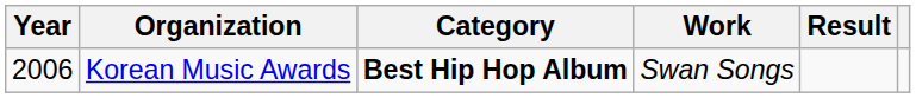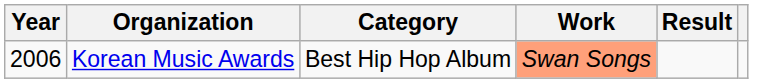 <table class="wikitable plainrowheaders">
 <tr>
 <th scope="col">Year</th>
 <th scope="col">Organization</th>
 <th scope="col">Category</th>
 <th scope="col">Work</th>
 <th scope="col">Result</th>
 <th class="unsortable"></th>
 </tr>
 <tr>
 <td rowspan="2">2006</td>
 <td rowspan="2"><a href='#'>Korean Music Awards</a></td>
-<td><strong>Best Hip Hop Album</strong></td>
-<td><em>Swan Songs</em></td>
+<td>Best Hip Hop Album</td>
+<td style="background: lightsalmon;"><em>Swan Songs</em></td>
 <td></td>
 <td style="text-align:center"></td>
 </tr>
 </table>
